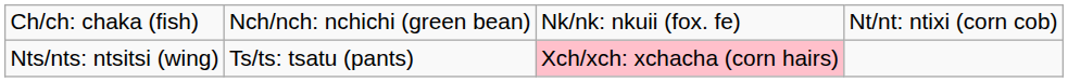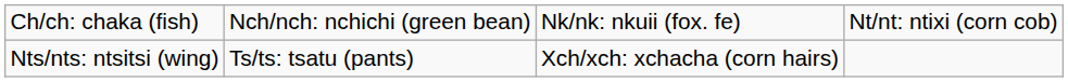 <table class="wikitable">
 <tr>
 <td>Ch/ch: chaka (fish)</td>
 <td>Nch/nch: nchichi (green bean)</td>
 <td>Nk/nk: nkuii (fox. fe)</td>
 <td>Nt/nt: ntixi (corn cob)</td>
 </tr>
 <tr>
 <td>Nts/nts: ntsitsi (wing)</td>
 <td>Ts/ts: tsatu (pants)</td>
-<td style="background: pink;">Xch/xch: xchacha (corn hairs)</td>
+<td>Xch/xch: xchacha (corn hairs)</td>
 <td></td>
 </tr>
 </table>
